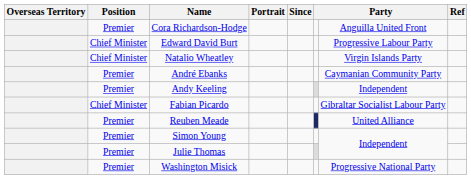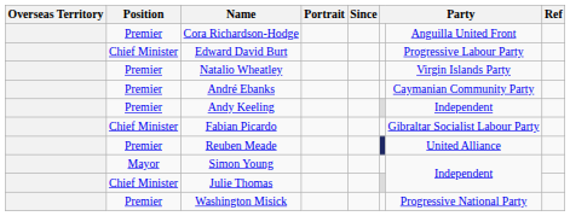 <table class="wikitable plainrowheaders sortable" style="text-align:center">
 <tr>
 <th>Overseas Territory</th>
 <th>Position</th>
 <th>Name</th>
 <th class=unsortable>Portrait</th>
 <th>Since</th>
 <th colspan=2>Party</th>
 <th class=unsortable>Ref</th>
 </tr>
 <tr>
 <th scope=row></th>
 <td><a href='#'>Premier</a></td>
 <td><a href='#'>Cora Richardson-Hodge</a></td>
 <td></td>
 <td></td>
 <td style="color:inherit;background:"></td>
 <td><a href='#'>Anguilla United Front</a></td>
 <td></td>
 </tr>
 <tr>
 <th scope=row></th>
 <td><a href='#'>Chief Minister</a></td>
 <td><a href='#'>Edward David Burt</a></td>
 <td></td>
 <td></td>
 <td style="color:inherit;background:"></td>
 <td><a href='#'>Progressive Labour Party</a></td>
 <td></td>
 </tr>
 <tr>
 <th scope=row></th>
-<td><a href='#'>Chief Minister</a></td>
+<td><a href='#'>Premier</a></td>
 <td><a href='#'>Natalio Wheatley</a></td>
 <td></td>
 <td></td>
 <td style="color:inherit;background:"></td>
 <td><a href='#'>Virgin Islands Party</a></td>
 <td></td>
 </tr>
 <tr>
 <th scope=row></th>
 <td><a href='#'>Premier</a></td>
 <td><a href='#'>André Ebanks</a></td>
 <td></td>
 <td></td>
 <td style="color:inherit;background:"></td>
 <td><a href='#'>Caymanian Community Party</a></td>
 <td></td>
 </tr>
 <tr>
 <th scope=row></th>
 <td><a href='#'>Premier</a></td>
 <td><a href='#'>Andy Keeling</a></td>
 <td></td>
 <td></td>
 <td style="color:inherit;background:#DCDCDC"></td>
 <td><a href='#'>Independent</a></td>
 <td></td>
 </tr>
 <tr>
 <th scope=row></th>
 <td><a href='#'>Chief Minister</a></td>
 <td><a href='#'>Fabian Picardo</a></td>
 <td></td>
 <td></td>
 <td style="color:inherit;background:"></td>
 <td><a href='#'>Gibraltar Socialist Labour Party</a></td>
 <td></td>
 </tr>
 <tr>
 <th scope=row></th>
 <td><a href='#'>Premier</a></td>
 <td><a href='#'>Reuben Meade</a></td>
 <td></td>
 <td></td>
 <td bgcolor=#1E2864></td>
 <td><a href='#'>United Alliance</a></td>
 <td></td>
 </tr>
 <tr>
 <th scope=row></th>
-<td><a href='#'>Premier</a></td>
+<td><a href='#'>Mayor</a></td>
 <td><a href='#'>Simon Young</a></td>
 <td></td>
 <td></td>
 <td style="color:inherit;background:"></td>
 <td rowspan="2"><a href='#'>Independent</a></td>
 <td></td>
 </tr>
 <tr>
 <th scope=row></th>
-<td><a href='#'>Premier</a></td>
+<td><a href='#'>Chief Minister</a></td>
 <td><a href='#'>Julie Thomas</a></td>
 <td></td>
 <td></td>
 <td style="color:inherit;background:#DCDCDC"></td>
 <td></td>
 </tr>
 <tr>
 <th scope=row></th>
 <td><a href='#'>Premier</a></td>
 <td><a href='#'>Washington Misick</a></td>
 <td></td>
 <td></td>
 <td style="color:inherit;background:"></td>
 <td><a href='#'>Progressive National Party</a></td>
 <td></td>
 </tr>
 </table>
